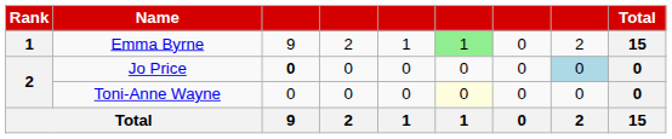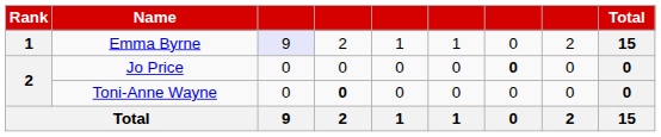 <table class="wikitable" style="text-align:center; font-size:100%; ">
 <tr>
 <th style="background:#d50000; color:white; text-align:center; width:40px">Rank</th>
 <th style="background:#d50000; color:white; text-align:center; width:200px">Name</th>
 <th style="background:#d50000; color:white; text-align:center; width:50px;"></th>
 <th style="background:#d50000; color:white; text-align:center; width:50px;"></th>
 <th style="background:#d50000; color:white; text-align:center; width:50px;"></th>
 <th style="background:#d50000; color:white; text-align:center; width:50px;"></th>
 <th style="background:#d50000; color:white; text-align:center; width:50px;"></th>
 <th style="background:#d50000; color:white; text-align:center; width:50px;"></th>
 <th style="background:#d50000; color:white; text-align:center; width:50px;">Total</th>
 </tr>
 <tr>
 <th>1</th>
 <td> <a href='#'>Emma Byrne</a></td>
-<td>9</td>
+<td style="background: lavender;">9</td>
 <td>2</td>
 <td>1</td>
-<td style="background: lightgreen;">1</td>
+<td>1</td>
 <td>0</td>
 <td>2</td>
 <th>15</th>
 </tr>
 <tr>
 <th rowspan="2">2</th>
 <td> <a href='#'>Jo Price</a></td>
-<td><strong>0</strong></td>
 <td>0</td>
 <td>0</td>
 <td>0</td>
 <td>0</td>
-<td style="background: lightblue;">0</td>
+<td><strong>0</strong></td>
+<td>0</td>
 <th>0</th>
 </tr>
 <tr>
 <td> <a href='#'>Toni-Anne Wayne</a></td>
 <td>0</td>
+<td><strong>0</strong></td>
 <td>0</td>
 <td>0</td>
-<td style="background: lightyellow;">0</td>
 <td>0</td>
 <td>0</td>
 <th>0</th>
 </tr>
 <tr>
 <th colspan="2">Total</th>
 <th>9</th>
 <th>2</th>
 <th>1</th>
 <th>1</th>
 <th>0</th>
 <th>2</th>
 <th>15</th>
 </tr>
 </table>
